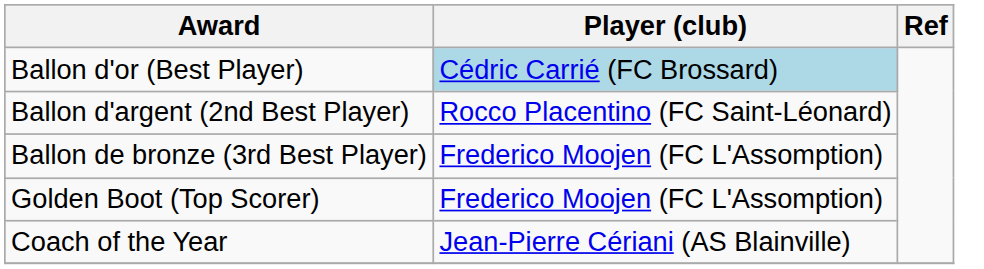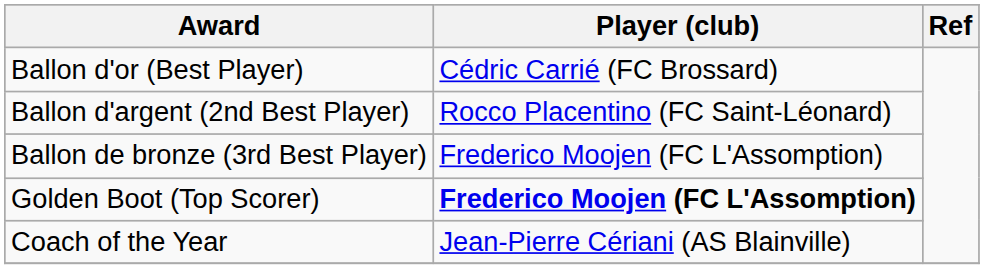 <table class="wikitable">
 <tr>
 <th>Award</th>
 <th>Player (club)</th>
 <th>Ref</th>
 </tr>
 <tr>
 <td>Ballon d'or (Best Player)</td>
-<td style="background: lightblue;"><a href='#'>Cédric Carrié</a> (FC Brossard)</td>
+<td><a href='#'>Cédric Carrié</a> (FC Brossard)</td>
 <td rowspan=5></td>
 </tr>
 <tr>
 <td>Ballon d'argent (2nd Best Player)</td>
 <td><a href='#'>Rocco Placentino</a> (FC Saint-Léonard)</td>
 </tr>
 <tr>
 <td>Ballon de bronze (3rd Best Player)</td>
 <td><a href='#'>Frederico Moojen</a> (FC L'Assomption)</td>
 </tr>
 <tr>
 <td>Golden Boot (Top Scorer)</td>
-<td><a href='#'>Frederico Moojen</a> (FC L'Assomption)</td>
+<td><strong><a href='#'>Frederico Moojen</a> (FC L'Assomption)</strong></td>
 </tr>
 <tr>
 <td>Coach of the Year</td>
 <td><a href='#'>Jean-Pierre Cériani</a> (AS Blainville)</td>
 </tr>
 <tr>
 </tr>
 </table>
